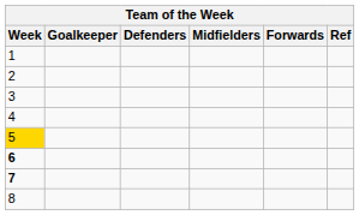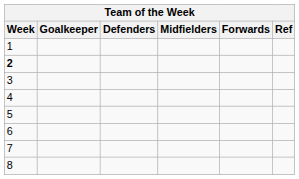 <table class="wikitable mw-collapsible mw-collapsed">
 <tr>
 <th colspan="6">Team of the Week</th>
 </tr>
 <tr>
 <th>Week</th>
 <th>Goalkeeper</th>
 <th>Defenders</th>
 <th>Midfielders</th>
 <th>Forwards</th>
 <th>Ref</th>
 </tr>
 <tr>
 <td>1</td>
 <td></td>
 <td></td>
 <td></td>
 <td></td>
 <td></td>
 </tr>
 <tr>
-<td>2</td>
+<td><strong>2</strong></td>
 <td></td>
 <td></td>
 <td></td>
 <td></td>
 <td></td>
 </tr>
 <tr>
 <td>3</td>
 <td></td>
 <td></td>
 <td></td>
 <td></td>
 <td></td>
 </tr>
 <tr>
 <td>4</td>
 <td></td>
 <td></td>
 <td></td>
 <td></td>
 <td></td>
 </tr>
 <tr>
-<td style="background: gold;">5</td>
+<td>5</td>
 <td></td>
 <td></td>
 <td></td>
 <td></td>
 <td></td>
 </tr>
 <tr>
-<td><strong>6</strong></td>
+<td>6</td>
 <td></td>
 <td></td>
 <td></td>
 <td></td>
 <td></td>
 </tr>
 <tr>
-<td><strong>7</strong></td>
+<td>7</td>
 <td></td>
 <td></td>
 <td></td>
 <td></td>
 <td></td>
 </tr>
 <tr>
 <td>8</td>
 <td></td>
 <td></td>
 <td></td>
 <td></td>
 <td></td>
 </tr>
 </table>
